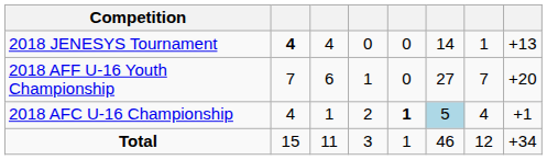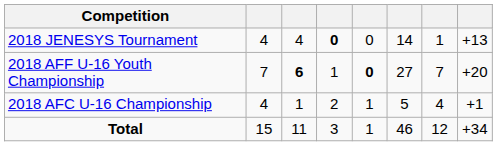 <table class="wikitable" style="text-align: center;">
 <tr>
 <th width=250>Competition</th>
 <th width=30></th>
 <th width=30></th>
 <th width=30></th>
 <th width=30></th>
 <th width=30></th>
 <th width=30></th>
 <th width=30></th>
 </tr>
 <tr>
 <td align=left><a href='#'>2018 JENESYS Tournament</a></td>
-<td><strong>4</strong></td>
 <td>4</td>
-<td>0</td>
+<td>4</td>
+<td><strong>0</strong></td>
 <td>0</td>
 <td>14</td>
 <td>1</td>
 <td>+13</td>
 </tr>
 <tr>
 <td align=left><a href='#'>2018 AFF U-16 Youth Championship</a></td>
 <td>7</td>
-<td>6</td>
+<td><strong>6</strong></td>
 <td>1</td>
-<td>0</td>
+<td><strong>0</strong></td>
 <td>27</td>
 <td>7</td>
 <td>+20</td>
 </tr>
 <tr>
 <td align=left><a href='#'>2018 AFC U-16 Championship</a></td>
 <td>4</td>
 <td>1</td>
 <td>2</td>
-<td><strong>1</strong></td>
-<td style="background: lightblue;">5</td>
+<td>1</td>
+<td>5</td>
 <td>4</td>
 <td>+1</td>
 </tr>
 <tr>
 <td><strong>Total</strong></td>
 <td>15</td>
 <td>11</td>
 <td>3</td>
 <td>1</td>
 <td>46</td>
 <td>12</td>
 <td>+34</td>
 </tr>
 </table>
